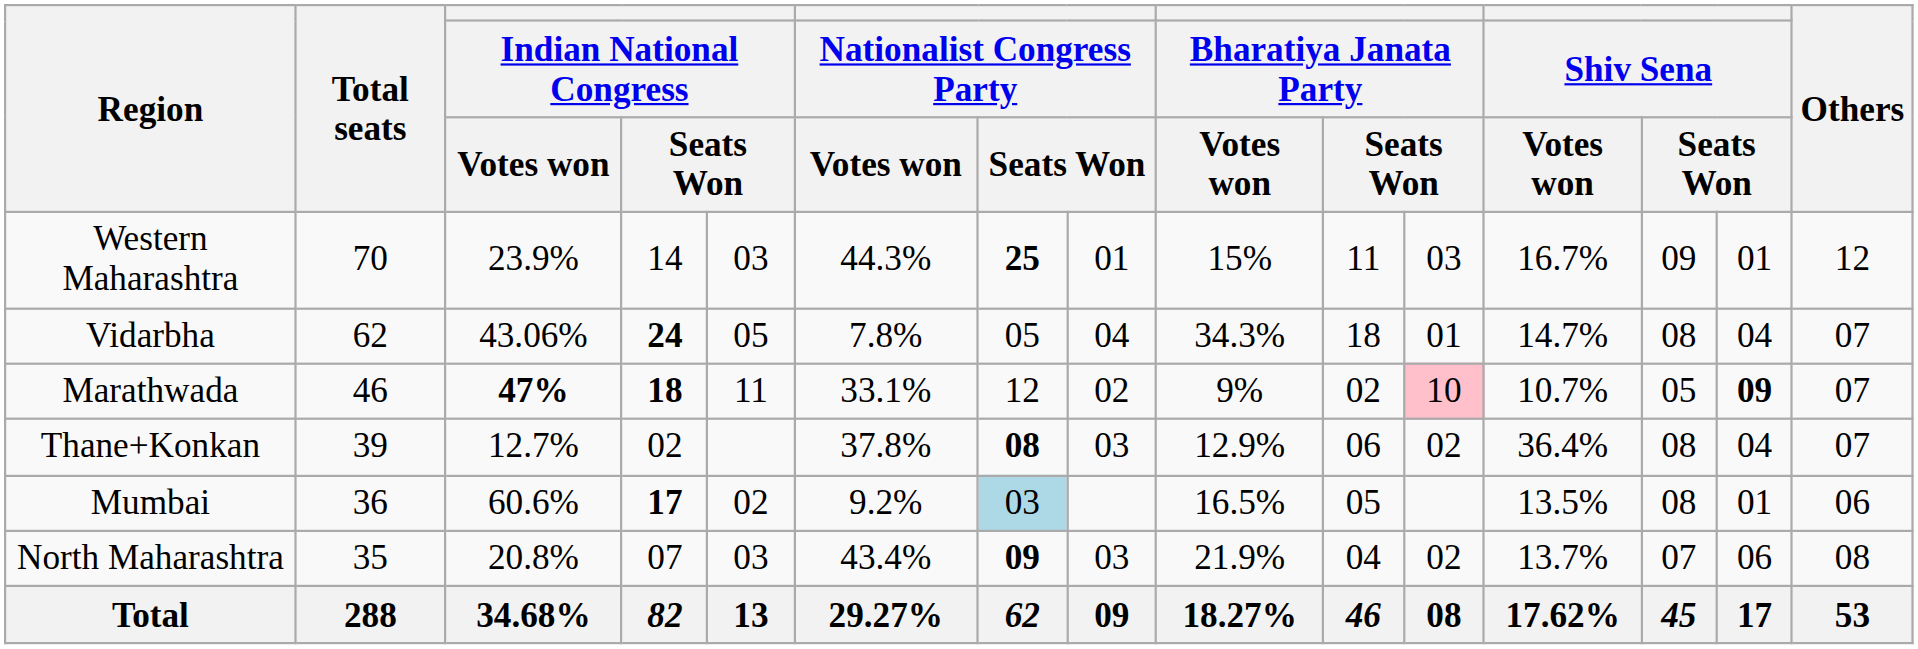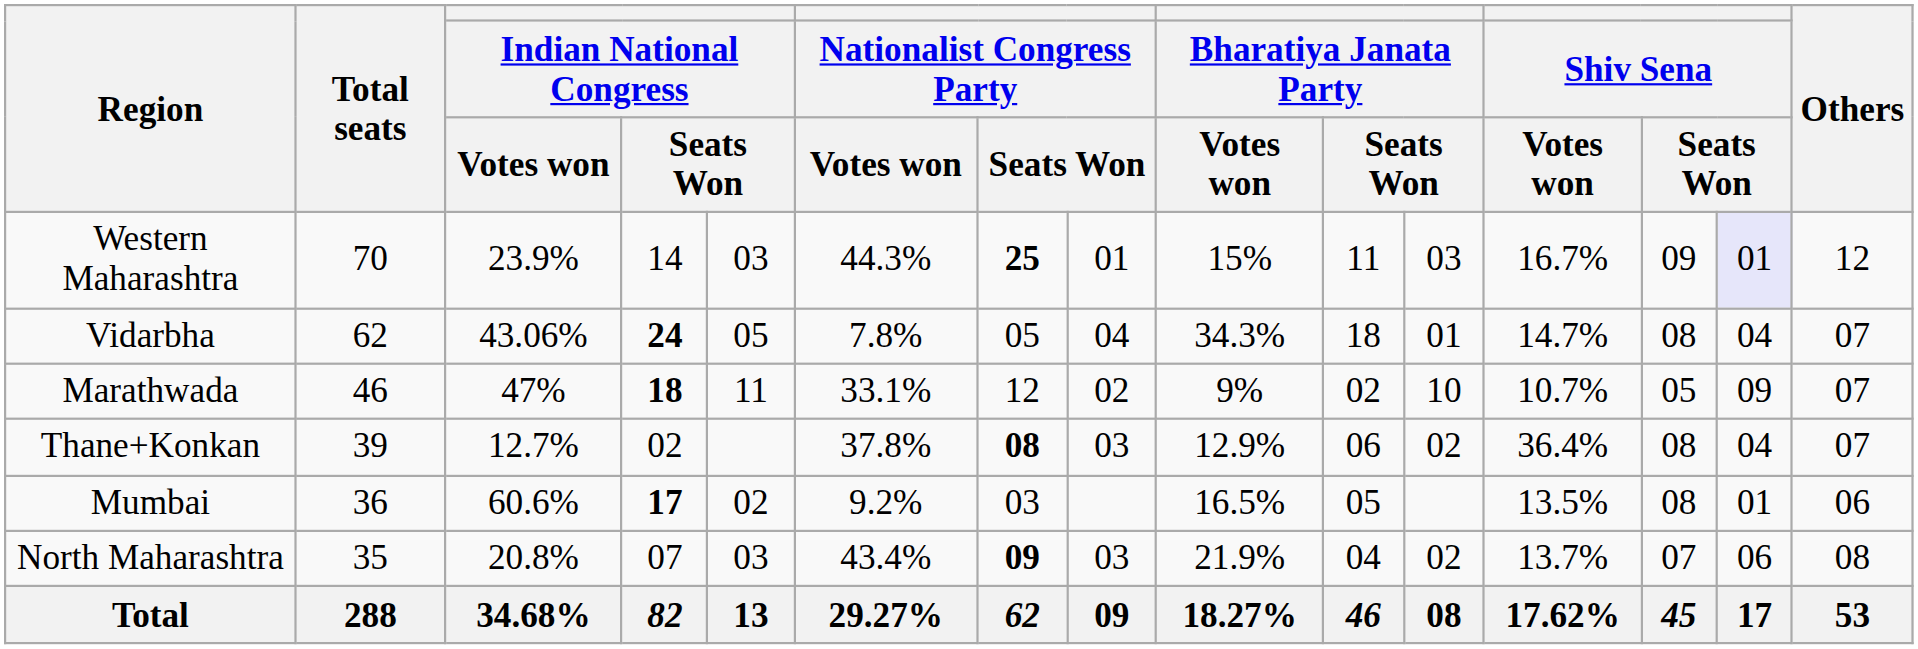 <table class="wikitable sortable" style="text-align:center;">
 <tr>
 <th rowspan="3">Region</th>
 <th rowspan="3">Total seats</th>
 <th colspan="3"></th>
 <th colspan="3"></th>
 <th colspan="3"></th>
 <th colspan="3"></th>
 <th rowspan="3">Others</th>
 </tr>
 <tr>
 <th colspan="3"><a href='#'>Indian National Congress</a></th>
 <th colspan="3"><a href='#'>Nationalist Congress Party</a></th>
 <th colspan="3"><a href='#'>Bharatiya Janata Party</a></th>
 <th colspan="3"><a href='#'>Shiv Sena</a></th>
 </tr>
 <tr>
 <th>Votes won</th>
 <th colspan="2">Seats Won</th>
 <th>Votes won</th>
 <th colspan="2">Seats Won</th>
 <th>Votes won</th>
 <th colspan="2">Seats Won</th>
 <th>Votes won</th>
 <th colspan="2">Seats Won</th>
 </tr>
 <tr>
 <td>Western Maharashtra</td>
 <td>70</td>
 <td>23.9%</td>
 <td>14</td>
 <td> 03</td>
 <td>44.3%</td>
 <td><strong>25</strong></td>
 <td> 01</td>
 <td>15%</td>
 <td>11</td>
 <td> 03</td>
 <td>16.7%</td>
 <td>09</td>
-<td> 01</td>
+<td style="background: lavender;"> 01</td>
 <td>12</td>
 </tr>
 <tr>
 <td>Vidarbha</td>
 <td>62</td>
 <td>43.06%</td>
 <td><strong>24</strong></td>
 <td> 05</td>
 <td>7.8%</td>
 <td>05</td>
 <td> 04</td>
 <td>34.3%</td>
 <td>18</td>
 <td> 01</td>
 <td>14.7%</td>
 <td>08</td>
 <td> 04</td>
 <td>07</td>
 </tr>
 <tr>
 <td>Marathwada</td>
 <td>46</td>
-<td><strong>47%</strong></td>
+<td>47%</td>
 <td><strong>18</strong></td>
 <td> 11</td>
 <td>33.1%</td>
 <td>12</td>
 <td> 02</td>
 <td>9%</td>
 <td>02</td>
-<td style="background: pink;"> 10</td>
+<td> 10</td>
 <td>10.7%</td>
 <td>05</td>
-<td><strong> 09</strong></td>
+<td> 09</td>
 <td>07</td>
 </tr>
 <tr>
 <td>Thane+Konkan</td>
 <td>39</td>
 <td>12.7%</td>
 <td>02</td>
 <td></td>
 <td>37.8%</td>
 <td><strong>08</strong></td>
 <td> 03</td>
 <td>12.9%</td>
 <td>06</td>
 <td> 02</td>
 <td>36.4%</td>
 <td>08</td>
 <td> 04</td>
 <td>07</td>
 </tr>
 <tr>
 <td>Mumbai</td>
 <td>36</td>
 <td>60.6%</td>
 <td><strong>17</strong></td>
 <td> 02</td>
 <td>9.2%</td>
-<td style="background: lightblue;">03</td>
+<td>03</td>
 <td></td>
 <td>16.5%</td>
 <td>05</td>
 <td></td>
 <td>13.5%</td>
 <td>08</td>
 <td> 01</td>
 <td>06</td>
 </tr>
 <tr>
 <td>North Maharashtra</td>
 <td>35</td>
 <td>20.8%</td>
 <td>07</td>
 <td> 03</td>
 <td>43.4%</td>
 <td><strong>09</strong></td>
 <td> 03</td>
 <td>21.9%</td>
 <td>04</td>
 <td> 02</td>
 <td>13.7%</td>
 <td>07</td>
 <td> 06</td>
 <td>08</td>
 </tr>
 <tr>
 <th><strong>Total</strong></th>
 <th><strong>288</strong></th>
 <th>34.68%</th>
 <th><strong><em>82</em></strong></th>
 <th> 13</th>
 <th>29.27%</th>
 <th><strong><em>62</em></strong></th>
 <th> 09</th>
 <th>18.27%</th>
 <th><strong><em>46</em></strong></th>
 <th> 08</th>
 <th>17.62%</th>
 <th><strong><em>45</em></strong></th>
 <th> 17</th>
 <th>53</th>
 </tr>
 </table>
